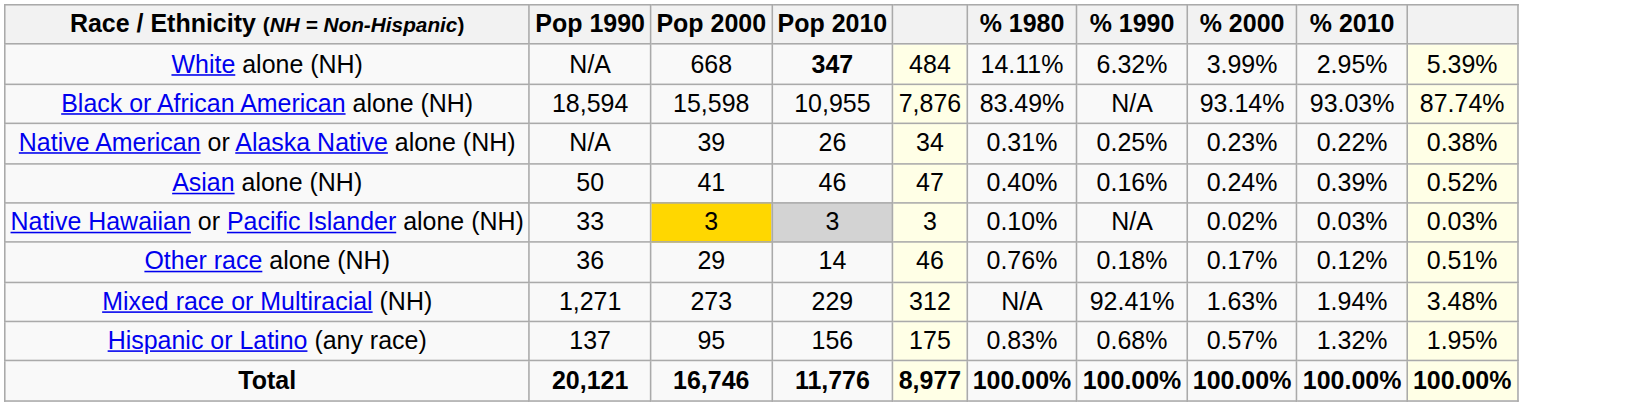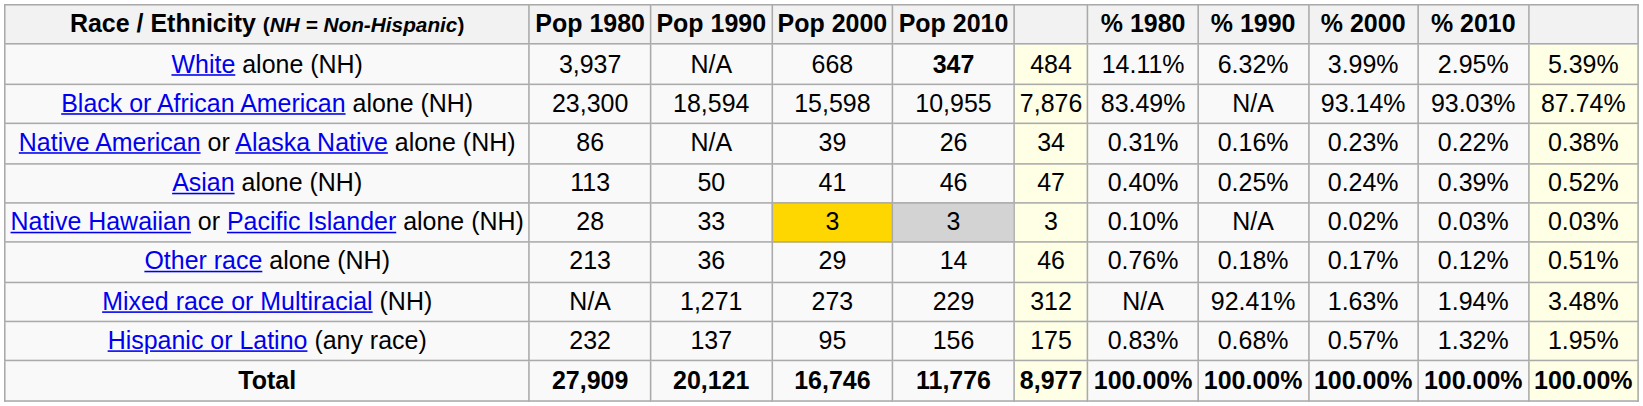 <table class="wikitable" style="text-align:center;">
 <tr>
 <th>Race / Ethnicity <small>(<em>NH = Non-Hispanic</em>)</small></th>
+<th>Pop 1980</th>
 <th>Pop 1990</th>
 <th>Pop 2000</th>
 <th>Pop 2010</th>
 <th></th>
 <th>% 1980</th>
 <th>% 1990</th>
 <th>% 2000</th>
 <th>% 2010</th>
 <th></th>
 </tr>
 <tr>
 <td><a href='#'>White</a> alone (NH)</td>
+<td>3,937</td>
 <td>N/A</td>
 <td>668</td>
 <td><strong>347</strong></td>
 <td style='background: #ffffe6;'>484</td>
 <td>14.11%</td>
 <td>6.32%</td>
 <td>3.99%</td>
 <td>2.95%</td>
 <td style='background: #ffffe6;'>5.39%</td>
 </tr>
 <tr>
 <td><a href='#'>Black or African American</a> alone (NH)</td>
+<td>23,300</td>
 <td>18,594</td>
 <td>15,598</td>
 <td>10,955</td>
 <td style='background: #ffffe6;'>7,876</td>
 <td>83.49%</td>
 <td>N/A</td>
 <td>93.14%</td>
 <td>93.03%</td>
 <td style='background: #ffffe6;'>87.74%</td>
 </tr>
 <tr>
 <td><a href='#'>Native American</a> or <a href='#'>Alaska Native</a> alone (NH)</td>
+<td>86</td>
 <td>N/A</td>
 <td>39</td>
 <td>26</td>
 <td style='background: #ffffe6;'>34</td>
 <td>0.31%</td>
-<td>0.25%</td>
+<td>0.16%</td>
 <td>0.23%</td>
 <td>0.22%</td>
 <td style='background: #ffffe6;'>0.38%</td>
 </tr>
 <tr>
 <td><a href='#'>Asian</a> alone (NH)</td>
+<td>113</td>
 <td>50</td>
 <td>41</td>
 <td>46</td>
 <td style='background: #ffffe6;'>47</td>
 <td>0.40%</td>
-<td>0.16%</td>
+<td>0.25%</td>
 <td>0.24%</td>
 <td>0.39%</td>
 <td style='background: #ffffe6;'>0.52%</td>
 </tr>
 <tr>
 <td><a href='#'>Native Hawaiian</a> or <a href='#'>Pacific Islander</a> alone (NH)</td>
+<td>28</td>
 <td>33</td>
 <td style="background: gold;">3</td>
 <td style="background: lightgrey;">3</td>
 <td style='background: #ffffe6;'>3</td>
 <td>0.10%</td>
 <td>N/A</td>
 <td>0.02%</td>
 <td>0.03%</td>
 <td style='background: #ffffe6;'>0.03%</td>
 </tr>
 <tr>
 <td><a href='#'>Other race</a> alone (NH)</td>
+<td>213</td>
 <td>36</td>
 <td>29</td>
 <td>14</td>
 <td style='background: #ffffe6;'>46</td>
 <td>0.76%</td>
 <td>0.18%</td>
 <td>0.17%</td>
 <td>0.12%</td>
 <td style='background: #ffffe6;'>0.51%</td>
 </tr>
 <tr>
 <td><a href='#'>Mixed race or Multiracial</a> (NH)</td>
+<td>N/A</td>
 <td>1,271</td>
 <td>273</td>
 <td>229</td>
 <td style='background: #ffffe6;'>312</td>
 <td>N/A</td>
 <td>92.41%</td>
 <td>1.63%</td>
 <td>1.94%</td>
 <td style='background: #ffffe6;'>3.48%</td>
 </tr>
 <tr>
 <td><a href='#'>Hispanic or Latino</a> (any race)</td>
+<td>232</td>
 <td>137</td>
 <td>95</td>
 <td>156</td>
 <td style='background: #ffffe6;'>175</td>
 <td>0.83%</td>
 <td>0.68%</td>
 <td>0.57%</td>
 <td>1.32%</td>
 <td style='background: #ffffe6;'>1.95%</td>
 </tr>
 <tr>
 <td><strong>Total</strong></td>
+<td><strong>27,909</strong></td>
 <td><strong>20,121</strong></td>
 <td><strong>16,746</strong></td>
 <td><strong>11,776</strong></td>
 <td style='background: #ffffe6;'><strong>8,977</strong></td>
 <td><strong>100.00%</strong></td>
 <td><strong>100.00%</strong></td>
 <td><strong>100.00%</strong></td>
 <td><strong>100.00%</strong></td>
 <td style='background: #ffffe6;'><strong>100.00%</strong></td>
 </tr>
 </table>
